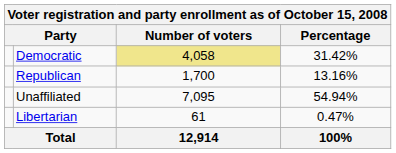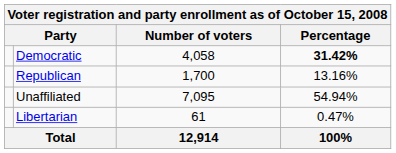 <table class=wikitable>
 <tr>
 <th colspan = 6>Voter registration and party enrollment as of October 15, 2008</th>
 </tr>
 <tr>
 <th colspan = 2>Party</th>
 <th>Number of voters</th>
 <th>Percentage</th>
 </tr>
 <tr>
 <td></td>
 <td><a href='#'>Democratic</a></td>
-<td style="background: khaki; text-align:center;">4,058</td>
-<td style="text-align:center;">31.42%</td>
+<td style="text-align:center;">4,058</td>
+<td style="text-align:center;"><strong>31.42%</strong></td>
 </tr>
 <tr>
 <td></td>
 <td><a href='#'>Republican</a></td>
 <td style="text-align:center;">1,700</td>
 <td style="text-align:center;">13.16%</td>
 </tr>
 <tr>
 <td></td>
 <td>Unaffiliated</td>
 <td style="text-align:center;">7,095</td>
 <td style="text-align:center;">54.94%</td>
 </tr>
 <tr>
 <td></td>
 <td><a href='#'>Libertarian</a></td>
 <td style="text-align:center;">61</td>
 <td style="text-align:center;">0.47%</td>
 </tr>
 <tr>
 <th colspan = 2>Total</th>
 <th style="text-align:center;">12,914</th>
 <th style="text-align:center;">100%</th>
 </tr>
 </table>
